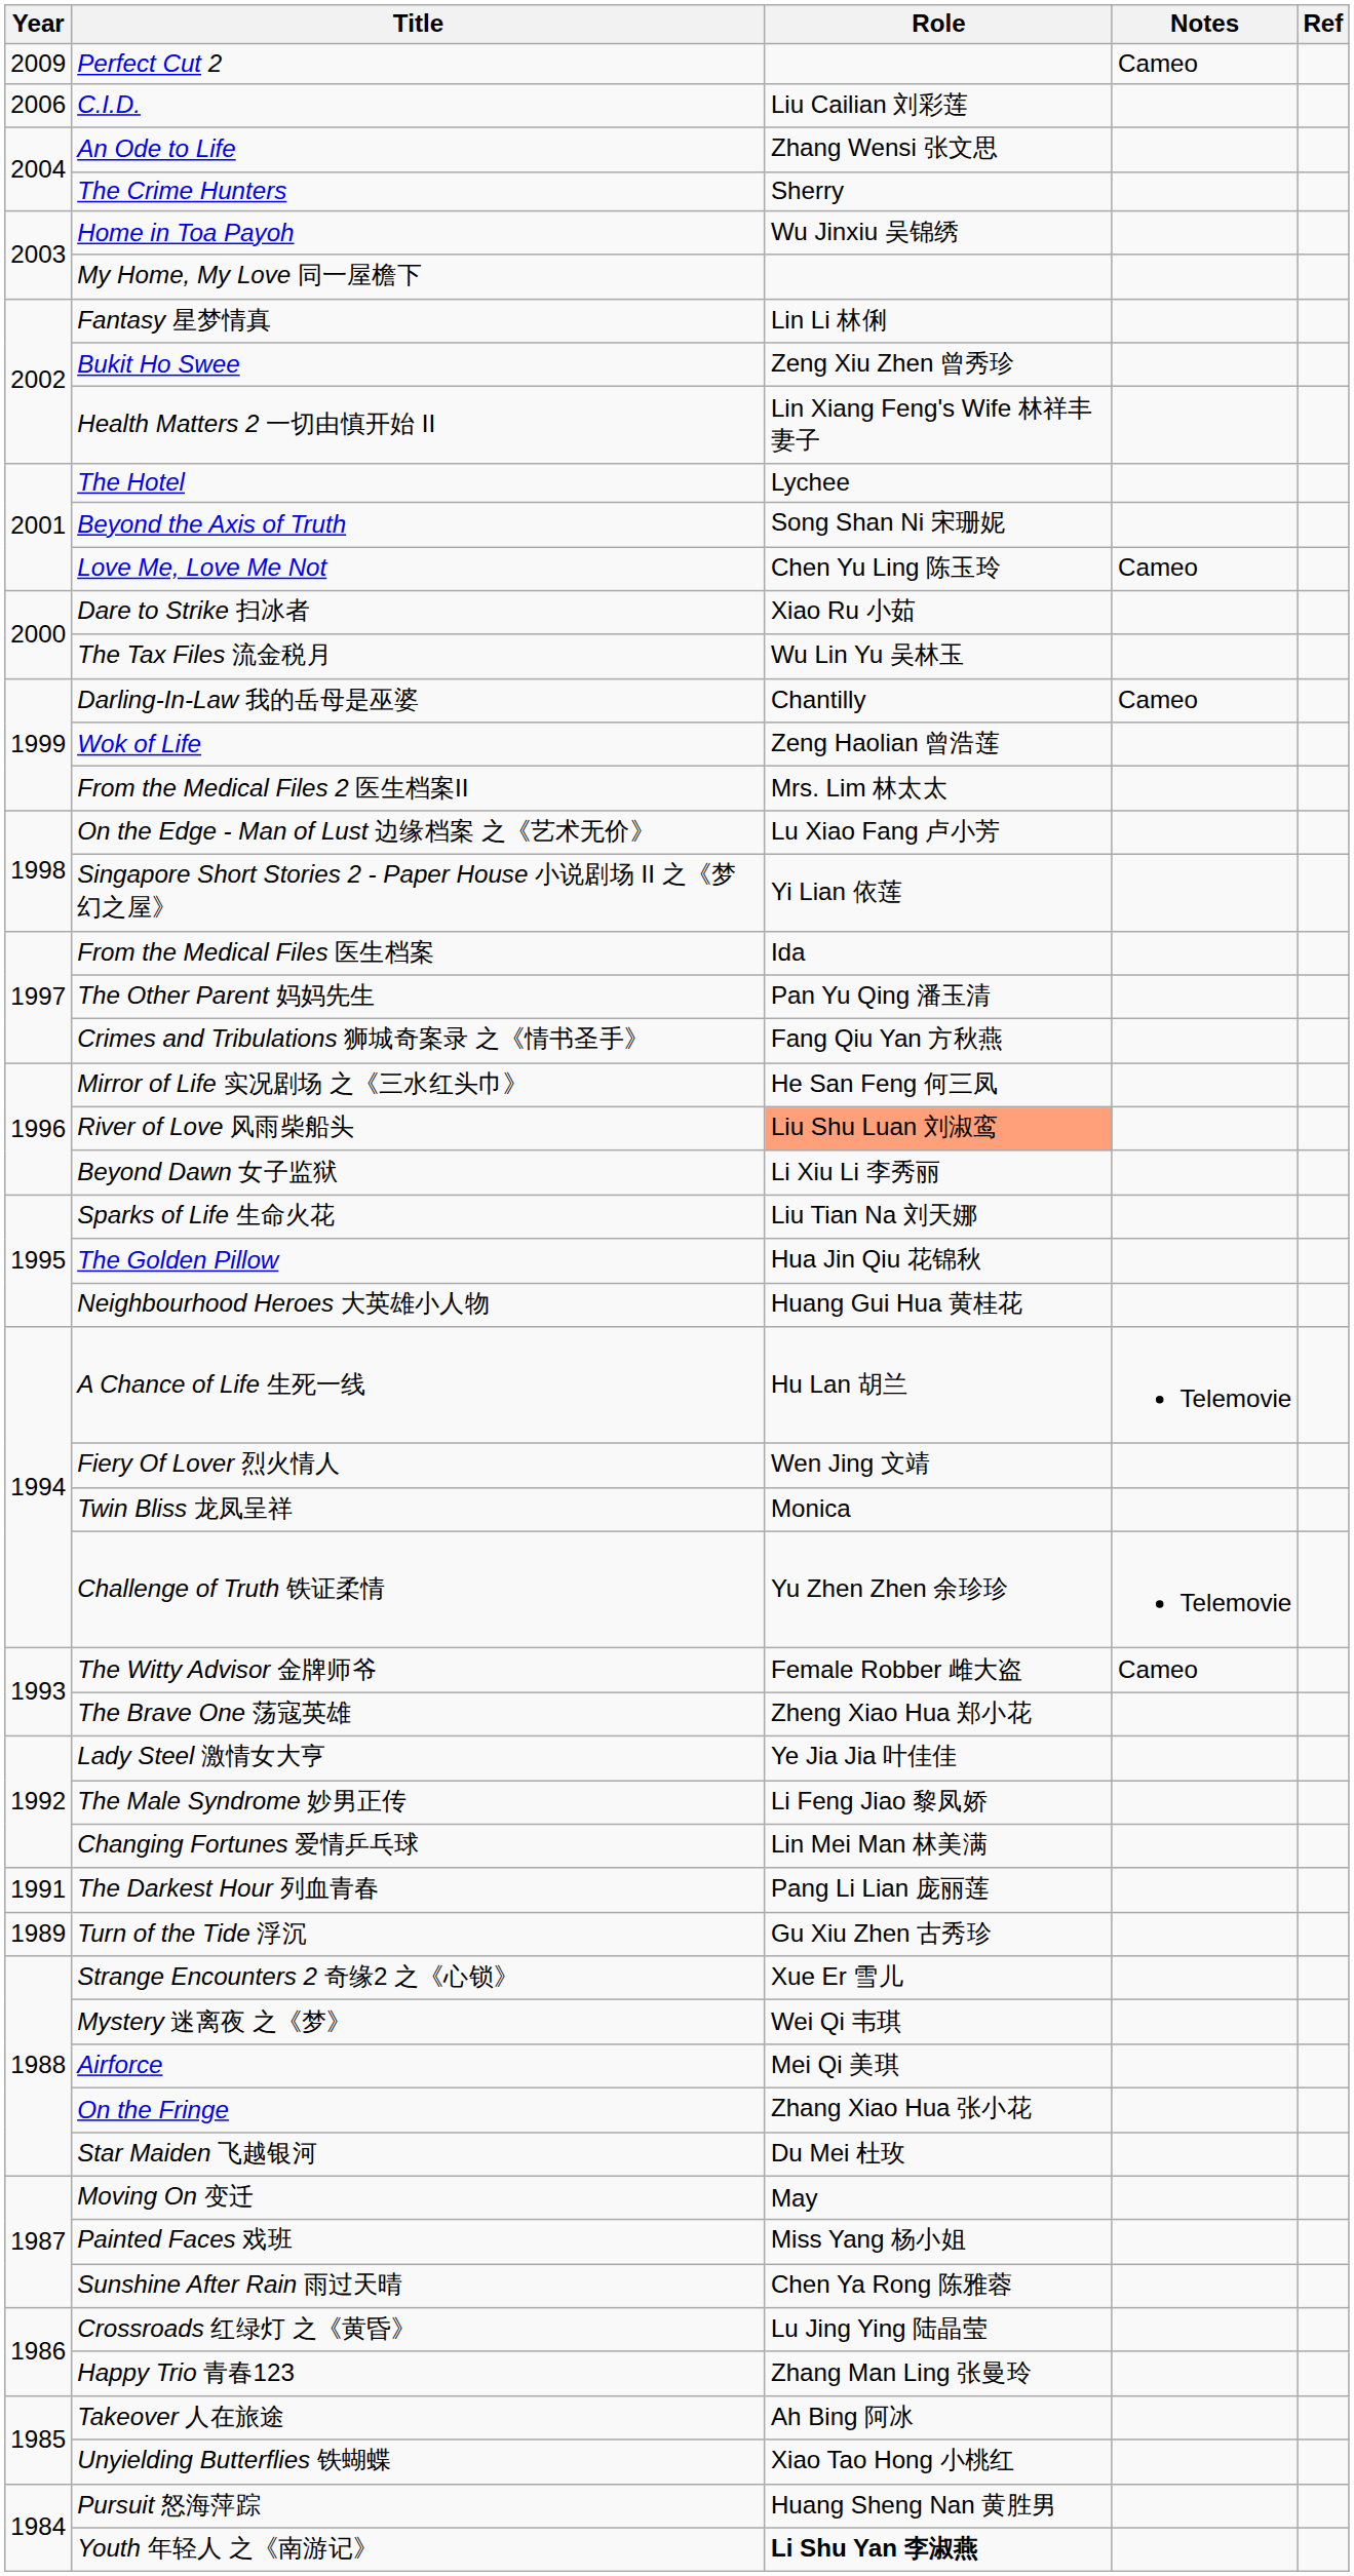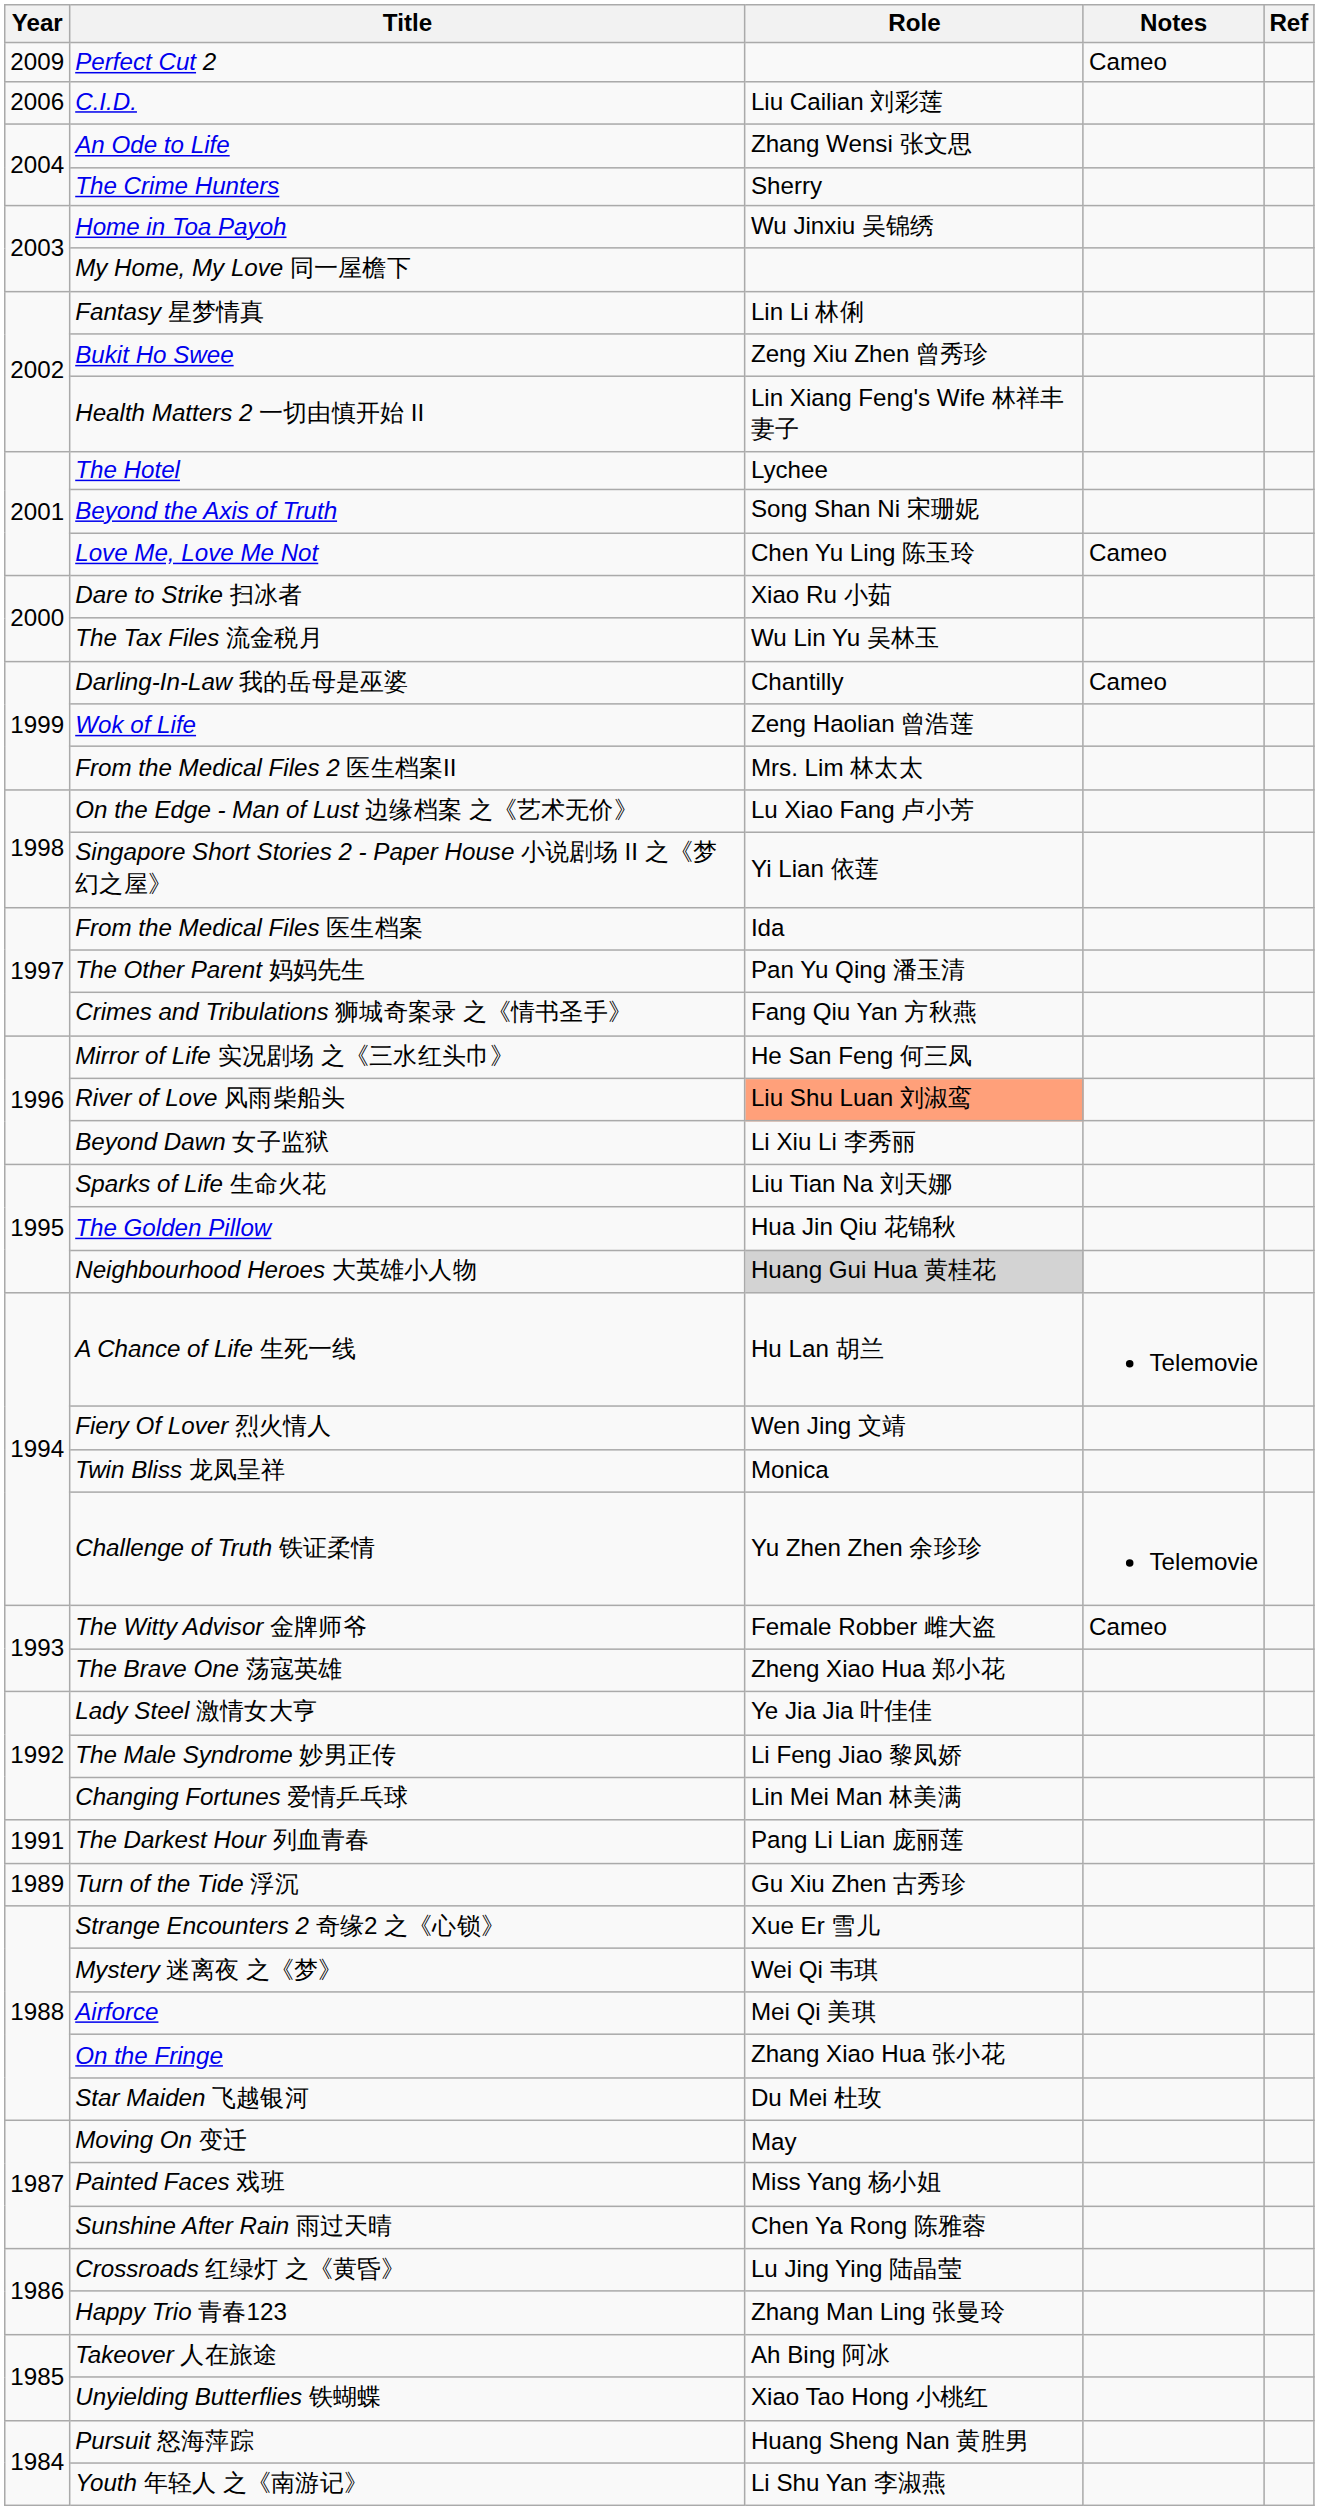 <table class="wikitable">
 <tr>
 <th>Year</th>
 <th>Title</th>
 <th>Role</th>
 <th>Notes</th>
 <th>Ref</th>
 </tr>
 <tr>
 <td>2009</td>
 <td><em><a href='#'>Perfect Cut</a> 2</em></td>
 <td></td>
 <td>Cameo</td>
 <td></td>
 </tr>
 <tr>
 <td>2006</td>
 <td><em><a href='#'>C.I.D.</a></em></td>
 <td>Liu Cailian 刘彩莲</td>
 <td></td>
 <td></td>
 </tr>
 <tr>
 <td rowspan="2">2004</td>
 <td><em><a href='#'>An Ode to Life</a></em></td>
 <td>Zhang Wensi 张文思</td>
 <td></td>
 <td></td>
 </tr>
 <tr>
 <td><em><a href='#'>The Crime Hunters</a></em></td>
 <td>Sherry</td>
 <td></td>
 <td></td>
 </tr>
 <tr>
 <td rowspan="2">2003</td>
 <td><em><a href='#'>Home in Toa Payoh</a></em></td>
 <td>Wu Jinxiu 吴锦绣</td>
 <td></td>
 <td></td>
 </tr>
 <tr>
 <td><em>My Home, My Love</em> 同一屋檐下</td>
 <td></td>
 <td></td>
 <td></td>
 </tr>
 <tr>
 <td rowspan="3">2002</td>
 <td><em>Fantasy</em> 星梦情真</td>
 <td>Lin Li 林俐</td>
 <td></td>
 <td></td>
 </tr>
 <tr>
 <td><em><a href='#'>Bukit Ho Swee</a></em></td>
 <td>Zeng Xiu Zhen 曾秀珍</td>
 <td></td>
 <td></td>
 </tr>
 <tr>
 <td><em>Health Matters 2</em> 一切由慎开始 II</td>
 <td>Lin Xiang Feng's Wife 林祥丰妻子</td>
 <td></td>
 <td></td>
 </tr>
 <tr>
 <td rowspan="3">2001</td>
 <td><em><a href='#'>The Hotel</a></em></td>
 <td>Lychee</td>
 <td></td>
 <td></td>
 </tr>
 <tr>
 <td><em><a href='#'>Beyond the Axis of Truth</a></em></td>
 <td>Song Shan Ni 宋珊妮</td>
 <td></td>
 <td></td>
 </tr>
 <tr>
 <td><em><a href='#'>Love Me, Love Me Not</a></em></td>
 <td>Chen Yu Ling 陈玉玲</td>
 <td>Cameo</td>
 <td></td>
 </tr>
 <tr>
 <td rowspan="2">2000</td>
 <td><em>Dare to Strike</em> 扫冰者</td>
 <td>Xiao Ru 小茹</td>
 <td></td>
 <td></td>
 </tr>
 <tr>
 <td><em>The Tax Files</em> 流金税月</td>
 <td>Wu Lin Yu 吴林玉</td>
 <td></td>
 <td></td>
 </tr>
 <tr>
 <td rowspan="3">1999</td>
 <td><em>Darling-In-Law</em> 我的岳母是巫婆</td>
 <td>Chantilly</td>
 <td>Cameo</td>
 <td></td>
 </tr>
 <tr>
 <td><em><a href='#'>Wok of Life</a></em></td>
 <td>Zeng Haolian 曾浩莲</td>
 <td></td>
 <td></td>
 </tr>
 <tr>
 <td><em>From the Medical Files 2</em> 医生档案II</td>
 <td>Mrs. Lim 林太太</td>
 <td></td>
 <td></td>
 </tr>
 <tr>
 <td rowspan="2">1998</td>
 <td><em>On the Edge - Man of Lust</em> 边缘档案 之《艺术无价》</td>
 <td>Lu Xiao Fang 卢小芳</td>
 <td></td>
 <td></td>
 </tr>
 <tr>
 <td><em>Singapore Short Stories 2 - Paper House</em> 小说剧场 II 之《梦幻之屋》</td>
 <td>Yi Lian 依莲</td>
 <td></td>
 <td></td>
 </tr>
 <tr>
 <td rowspan="3">1997</td>
 <td><em>From the Medical Files</em> 医生档案</td>
 <td>Ida</td>
 <td></td>
 <td></td>
 </tr>
 <tr>
 <td><em>The Other Parent</em> 妈妈先生</td>
 <td>Pan Yu Qing 潘玉清</td>
 <td></td>
 <td></td>
 </tr>
 <tr>
 <td><em>Crimes and Tribulations</em> 狮城奇案录 之《情书圣手》</td>
 <td>Fang Qiu Yan 方秋燕</td>
 <td></td>
 <td></td>
 </tr>
 <tr>
 <td rowspan="3">1996</td>
 <td><em>Mirror of Life</em> 实况剧场 之《三水红头巾》</td>
 <td>He San Feng 何三凤</td>
 <td></td>
 <td></td>
 </tr>
 <tr>
 <td><em>River of Love</em> 风雨柴船头</td>
 <td style="background: lightsalmon;">Liu Shu Luan 刘淑鸾</td>
 <td></td>
 <td></td>
 </tr>
 <tr>
 <td><em>Beyond Dawn</em> 女子监狱</td>
 <td>Li Xiu Li 李秀丽</td>
 <td></td>
 <td></td>
 </tr>
 <tr>
 <td rowspan="3">1995</td>
 <td><em>Sparks of Life</em> 生命火花</td>
 <td>Liu Tian Na 刘天娜</td>
 <td></td>
 <td></td>
 </tr>
 <tr>
 <td><em><a href='#'>The Golden Pillow</a></em></td>
 <td>Hua Jin Qiu 花锦秋</td>
 <td></td>
 <td></td>
 </tr>
 <tr>
 <td><em>Neighbourhood Heroes</em> 大英雄小人物</td>
-<td>Huang Gui Hua 黄桂花</td>
+<td style="background: lightgrey;">Huang Gui Hua 黄桂花</td>
 <td></td>
 <td></td>
 </tr>
 <tr>
 <td rowspan="4">1994</td>
 <td><em>A Chance of Life</em> 生死一线</td>
 <td>Hu Lan 胡兰</td>
 <td><br><ul><li>Telemovie</li></ul></td>
 <td></td>
 </tr>
 <tr>
 <td><em>Fiery Of Lover</em> 烈火情人</td>
 <td>Wen Jing 文靖</td>
 <td></td>
 <td></td>
 </tr>
 <tr>
 <td><em>Twin Bliss</em> 龙凤呈祥</td>
 <td>Monica</td>
 <td></td>
 <td></td>
 </tr>
 <tr>
 <td><em>Challenge of Truth</em> 铁证柔情</td>
 <td>Yu Zhen Zhen 余珍珍</td>
 <td><br><ul><li>Telemovie</li></ul></td>
 <td></td>
 </tr>
 <tr>
 <td rowspan="2">1993</td>
 <td><em>The Witty Advisor</em> 金牌师爷</td>
 <td>Female Robber 雌大盗</td>
 <td>Cameo</td>
 <td></td>
 </tr>
 <tr>
 <td><em>The Brave One</em> 荡寇英雄</td>
 <td>Zheng Xiao Hua 郑小花</td>
 <td></td>
 <td></td>
 </tr>
 <tr>
 <td rowspan="3">1992</td>
 <td><em>Lady Steel</em> 激情女大亨</td>
 <td>Ye Jia Jia 叶佳佳</td>
 <td></td>
 <td></td>
 </tr>
 <tr>
 <td><em>The Male Syndrome</em> 妙男正传</td>
 <td>Li Feng Jiao 黎凤娇</td>
 <td></td>
 <td></td>
 </tr>
 <tr>
 <td><em>Changing Fortunes</em> 爱情乒乓球</td>
 <td>Lin Mei Man 林美满</td>
 <td></td>
 <td></td>
 </tr>
 <tr>
 <td>1991</td>
 <td><em>The Darkest Hour</em> 列血青春</td>
 <td>Pang Li Lian 庞丽莲</td>
 <td></td>
 <td></td>
 </tr>
 <tr>
 <td rowspan="1">1989</td>
 <td><em>Turn of the Tide</em> 浮沉</td>
 <td>Gu Xiu Zhen 古秀珍</td>
 <td></td>
 <td></td>
 </tr>
 <tr>
 <td rowspan="5">1988</td>
 <td><em>Strange Encounters 2</em> 奇缘2 之《心锁》</td>
 <td>Xue Er 雪儿</td>
 <td></td>
 <td></td>
 </tr>
 <tr>
 <td><em>Mystery</em> 迷离夜 之《梦》</td>
 <td>Wei Qi 韦琪</td>
 <td></td>
 <td></td>
 </tr>
 <tr>
 <td><em><a href='#'>Airforce</a></em></td>
 <td>Mei Qi 美琪</td>
 <td></td>
 <td></td>
 </tr>
 <tr>
 <td><em><a href='#'>On the Fringe</a></em></td>
 <td>Zhang Xiao Hua 张小花</td>
 <td></td>
 <td></td>
 </tr>
 <tr>
 <td><em>Star Maiden</em> 飞越银河</td>
 <td>Du Mei 杜玫</td>
 <td></td>
 <td></td>
 </tr>
 <tr>
 <td rowspan="3">1987</td>
 <td><em>Moving On</em> 变迁</td>
 <td>May</td>
 <td></td>
 <td></td>
 </tr>
 <tr>
 <td><em>Painted Faces</em> 戏班</td>
 <td>Miss Yang 杨小姐</td>
 <td></td>
 <td></td>
 </tr>
 <tr>
 <td><em>Sunshine After Rain</em> 雨过天晴</td>
 <td>Chen Ya Rong 陈雅蓉</td>
 <td></td>
 <td></td>
 </tr>
 <tr>
 <td rowspan="2">1986</td>
 <td><em>Crossroads</em> 红绿灯 之《黄昏》</td>
 <td>Lu Jing Ying 陆晶莹</td>
 <td></td>
 <td></td>
 </tr>
 <tr>
 <td><em>Happy Trio</em> 青春123</td>
 <td>Zhang Man Ling 张曼玲</td>
 <td></td>
 <td></td>
 </tr>
 <tr>
 <td rowspan="2">1985</td>
 <td><em>Takeover</em> 人在旅途</td>
 <td>Ah Bing 阿冰</td>
 <td></td>
 <td></td>
 </tr>
 <tr>
 <td><em>Unyielding Butterflies</em> 铁蝴蝶</td>
 <td>Xiao Tao Hong 小桃红</td>
 <td></td>
 <td></td>
 </tr>
 <tr>
 <td rowspan="2">1984</td>
 <td><em>Pursuit</em> 怒海萍踪</td>
 <td>Huang Sheng Nan 黄胜男</td>
 <td></td>
 <td></td>
 </tr>
 <tr>
 <td><em>Youth</em> 年轻人 之《南游记》</td>
-<td><strong>Li Shu Yan 李淑燕</strong></td>
+<td>Li Shu Yan 李淑燕</td>
 <td></td>
 <td></td>
 </tr>
 </table>
